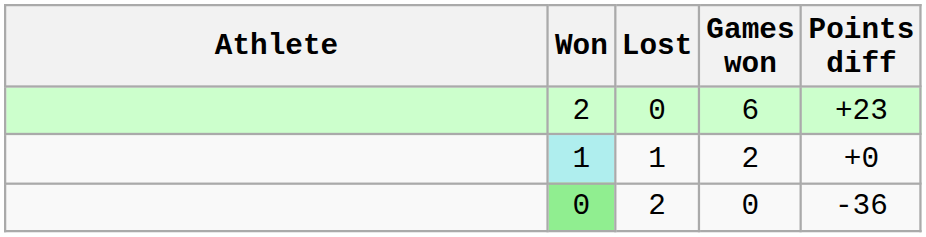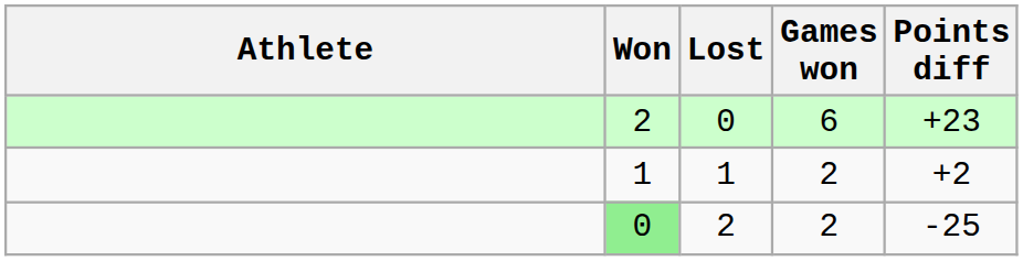 <table class="wikitable">
 <tr>
 <th style="width:18em">Athlete</th>
 <th>Won</th>
 <th>Lost</th>
 <th>Games<br>won</th>
 <th>Points<br>diff</th>
 </tr>
 <tr bgcolor="#ccffcc">
 <td></td>
 <td align="center">2</td>
 <td align="center">0</td>
 <td align="center">6</td>
 <td align="center">+23</td>
 </tr>
 <tr>
 <td></td>
-<td align="center" style="background: paleturquoise;">1</td>
+<td align="center">1</td>
 <td align="center">1</td>
 <td align="center">2</td>
-<td align="center">+0</td>
+<td align="center">+2</td>
 </tr>
 <tr>
 <td></td>
 <td align="center" style="background: lightgreen;">0</td>
 <td align="center">2</td>
-<td align="center">0</td>
-<td align="center">-36</td>
+<td align="center">2</td>
+<td align="center">-25</td>
 </tr>
 </table>
